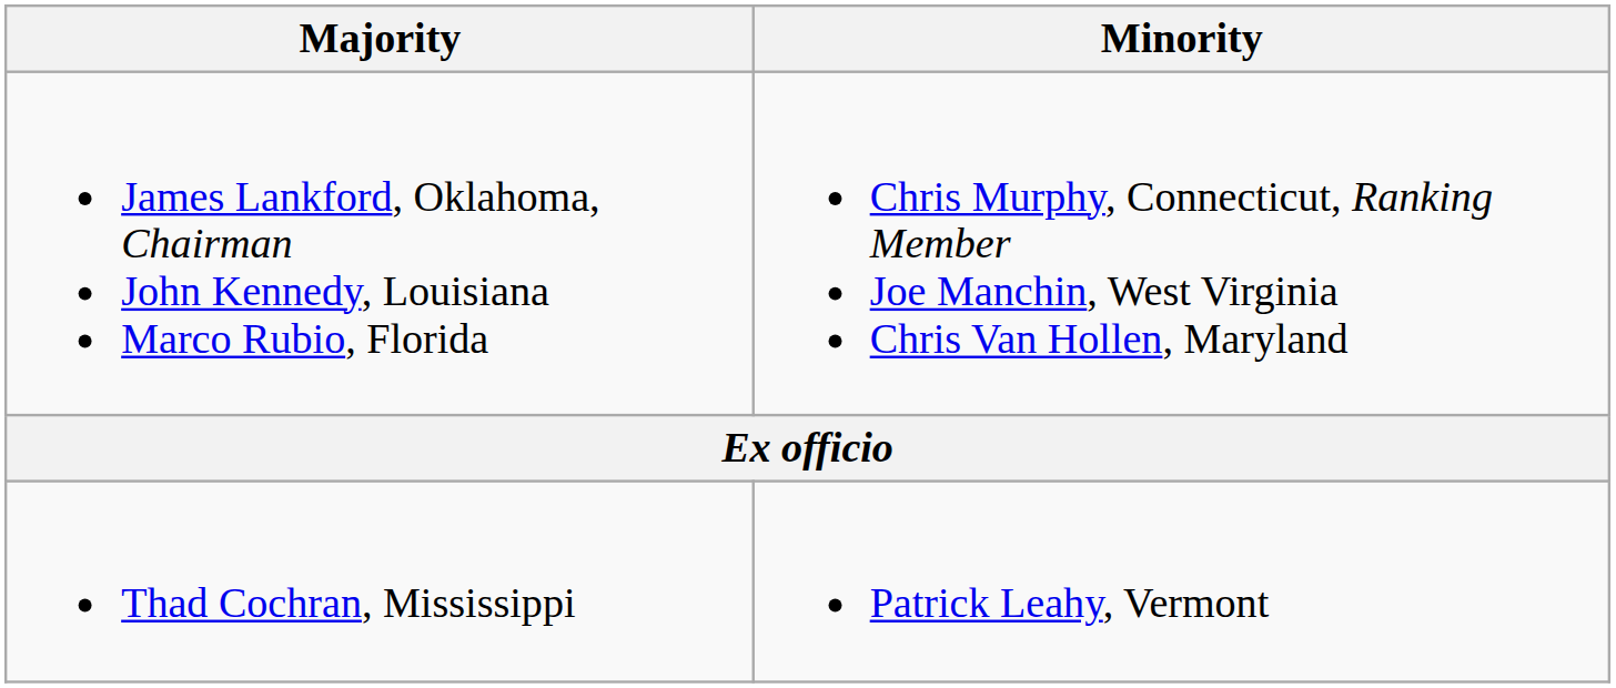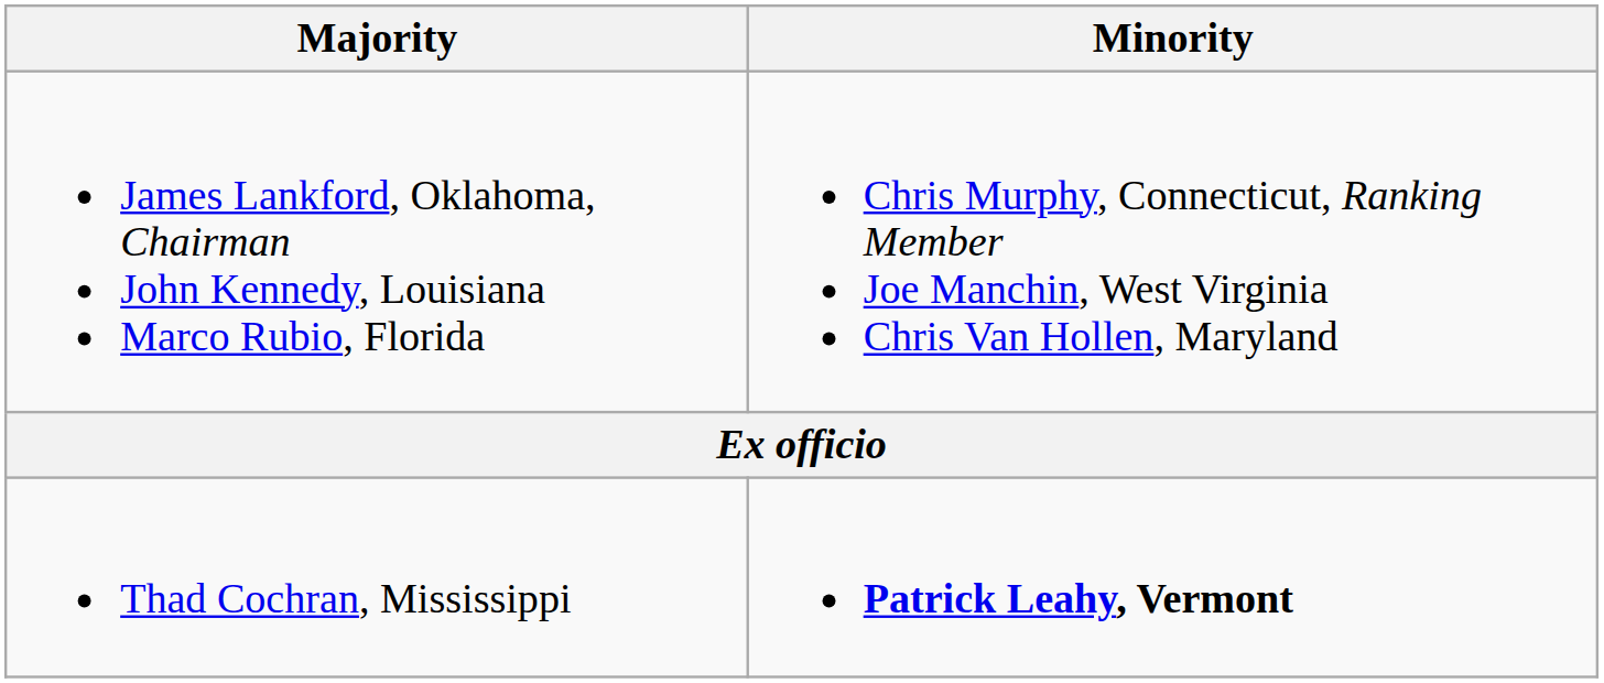 <table class=wikitable>
 <tr>
 <th>Majority</th>
 <th>Minority</th>
 </tr>
 <tr>
 <td><br><ul><li><a href='#'>James Lankford</a>, Oklahoma, <em>Chairman</em></li><li><a href='#'>John Kennedy</a>, Louisiana</li><li><a href='#'>Marco Rubio</a>, Florida</li></ul></td>
 <td><br><ul><li><a href='#'>Chris Murphy</a>, Connecticut, <em>Ranking Member</em></li><li><a href='#'>Joe Manchin</a>, West Virginia</li><li><a href='#'>Chris Van Hollen</a>, Maryland</li></ul></td>
 </tr>
 <tr>
 <th colspan=2><em>Ex officio</em></th>
 </tr>
 <tr>
 <td><br><ul><li><a href='#'>Thad Cochran</a>, Mississippi</li></ul></td>
-<td><br><ul><li><a href='#'>Patrick Leahy</a>, Vermont</li></ul></td>
+<td><strong><br><ul><li><a href='#'>Patrick Leahy</a>, Vermont</li></ul></strong></td>
 </tr>
 </table>
